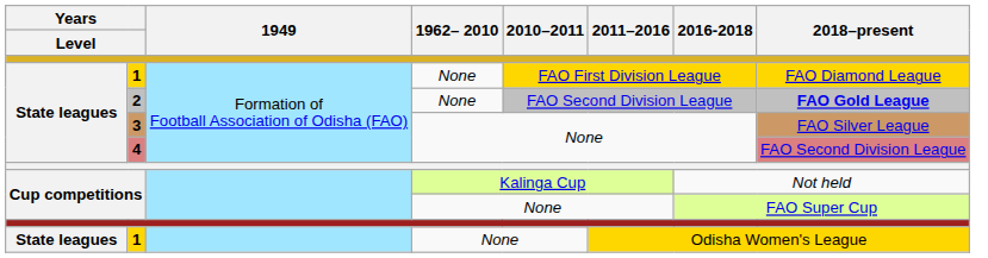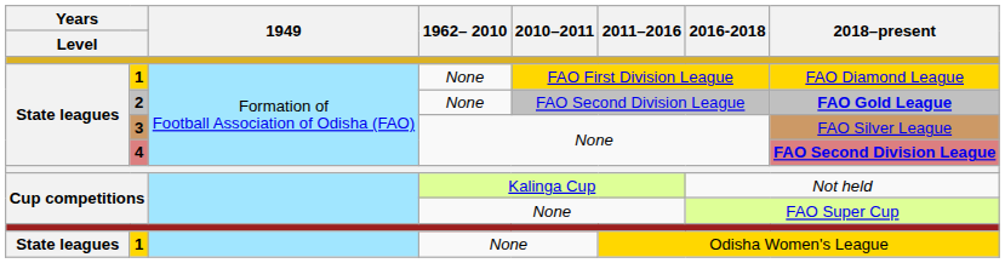 <table class="wikitable" style="text-align: center; font-size: 11px ;">
 <tr>
 <th colspan="2">Years</th>
 <th rowspan="2">1949</th>
 <th rowspan="2">1962– 2010</th>
 <th rowspan="2">2010–2011</th>
 <th rowspan="2">2011–2016</th>
 <th rowspan="2">2016-2018</th>
 <th rowspan="2">2018–present</th>
 </tr>
 <tr>
 <th colspan="2"><strong>Level</strong></th>
 </tr>
 <tr>
 <td colspan="8" bgcolor="#dbb224"></td>
 </tr>
 <tr>
 <th rowspan="4">State leagues</th>
 <td bgcolor="gold"><strong>1</strong></td>
 <td rowspan="4" bgcolor="#A1E6FF">Formation of <br> <a href='#'>Football Association of Odisha (FAO)</a></td>
 <td><em>None</em></td>
 <td colspan="3" bgcolor="gold"><a href='#'>FAO First Division League</a></td>
 <td bgcolor="gold"><a href='#'>FAO Diamond League</a></td>
 </tr>
 <tr>
 <td bgcolor="silver"><strong>2</strong></td>
 <td><em>None</em></td>
 <td colspan="3" bgcolor="silver"><a href='#'>FAO Second Division League</a></td>
 <td bgcolor="silver"><strong><a href='#'>FAO Gold League</a></strong></td>
 </tr>
 <tr>
 <td bgcolor="#cc9966"><strong>3</strong></td>
 <td colspan="4" rowspan="2"><em>None</em></td>
 <td bgcolor="#cc9966"><a href='#'>FAO Silver League</a></td>
 </tr>
 <tr>
 <td bgcolor="#dc7f80"><strong>4</strong></td>
-<td bgcolor="#dc7f80"><a href='#'>FAO Second Division League</a></td>
+<td bgcolor="#dc7f80"><strong><a href='#'>FAO Second Division League</a></strong></td>
 </tr>
 <tr>
 <th colspan="8"></th>
 </tr>
 <tr>
 <th colspan="2" rowspan="2">Cup competitions</th>
 <td rowspan="2" bgcolor="#A1E6FF"></td>
 <td colspan="3" bgcolor="#DEFF97"><a href='#'>Kalinga Cup</a></td>
 <td colspan="2"><em>Not held</em></td>
 </tr>
 <tr>
 <td colspan="3"><em>None</em></td>
 <td colspan="2" bgcolor="#DEFF97"><a href='#'>FAO Super Cup</a></td>
 </tr>
 <tr>
 <td colspan="9" bgcolor="#9d1f1e"></td>
 </tr>
 <tr>
 <th rowspan="2">State leagues</th>
 <td bgcolor="gold"><strong>1</strong></td>
 <td bgcolor="#A1E6FF"></td>
 <td colspan="2"><em>None</em></td>
 <td colspan="4" bgcolor="gold">Odisha Women's League</td>
 </tr>
 </table>
